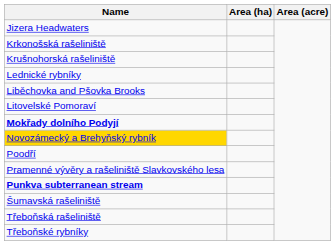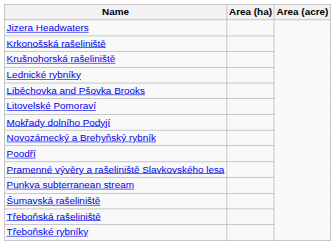 <table class="wikitable">
 <tr>
 <th scope="col" align=left>Name</th>
 <th scope="col">Area (ha)</th>
 <th scope="col">Area (acre)</th>
 </tr>
 <tr ---->
 <td><a href='#'>Jizera Headwaters</a></td>
 <td></td>
 </tr>
 <tr ---->
 <td><a href='#'>Krkonošská rašeliniště</a></td>
 <td></td>
 </tr>
 <tr ---->
 <td><a href='#'>Krušnohorská rašeliniště</a></td>
 <td></td>
 </tr>
 <tr ---->
 <td><a href='#'>Lednické rybníky</a></td>
 <td></td>
 </tr>
 <tr ---->
 <td><a href='#'>Liběchovka and Pšovka Brooks</a></td>
 <td></td>
 </tr>
 <tr ---->
 <td><a href='#'>Litovelské Pomoraví</a></td>
 <td></td>
 </tr>
 <tr ---->
-<td><strong><a href='#'>Mokřady dolního Podyjí</a></strong></td>
+<td><a href='#'>Mokřady dolního Podyjí</a></td>
 <td></td>
 </tr>
 <tr ---->
-<td style="background: gold;"><a href='#'>Novozámecký a Brehyňský rybník</a></td>
+<td><a href='#'>Novozámecký a Brehyňský rybník</a></td>
 <td></td>
 </tr>
 <tr ---->
 <td><a href='#'>Poodří</a></td>
 <td></td>
 </tr>
 <tr ---->
 <td><a href='#'>Pramenné vývěry a rašeliniště Slavkovského lesa </a></td>
 <td></td>
 </tr>
 <tr ---->
-<td><strong><a href='#'>Punkva subterranean stream</a></strong></td>
+<td><a href='#'>Punkva subterranean stream</a></td>
 <td></td>
 </tr>
 <tr ---->
 <td><a href='#'>Šumavská rašeliniště</a></td>
 <td></td>
 </tr>
 <tr ---->
 <td><a href='#'>Třeboňská rašeliniště</a></td>
 <td></td>
 </tr>
 <tr ---->
 <td><a href='#'>Třeboňské rybníky</a></td>
 <td></td>
 </tr>
 </table>
